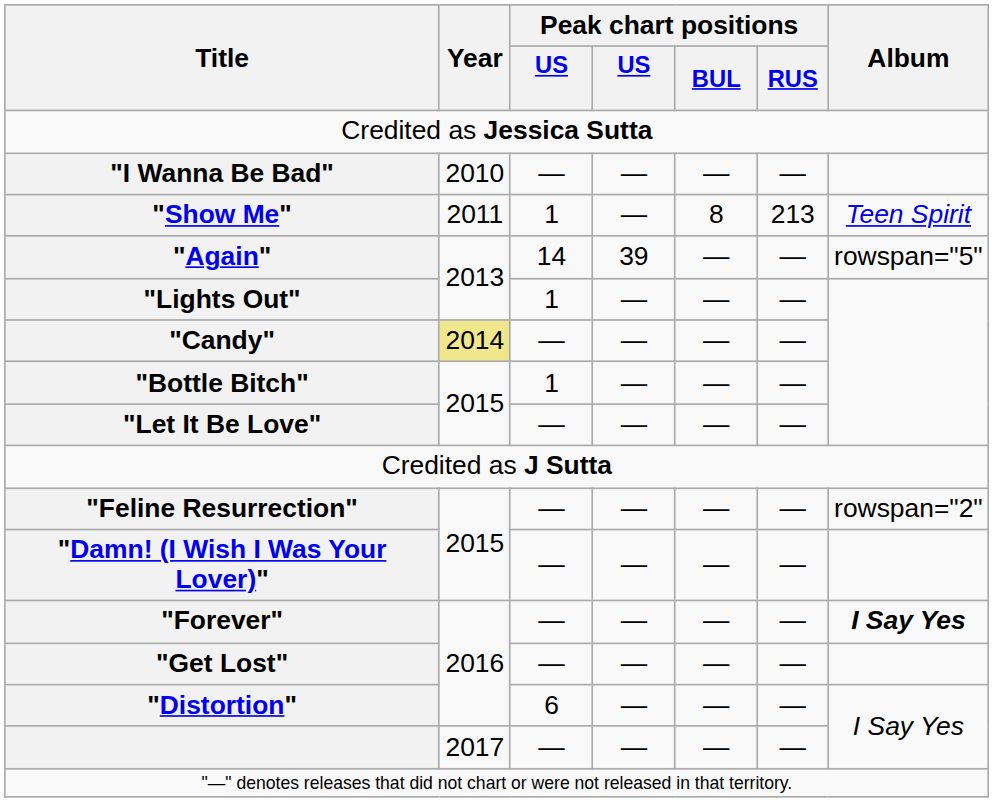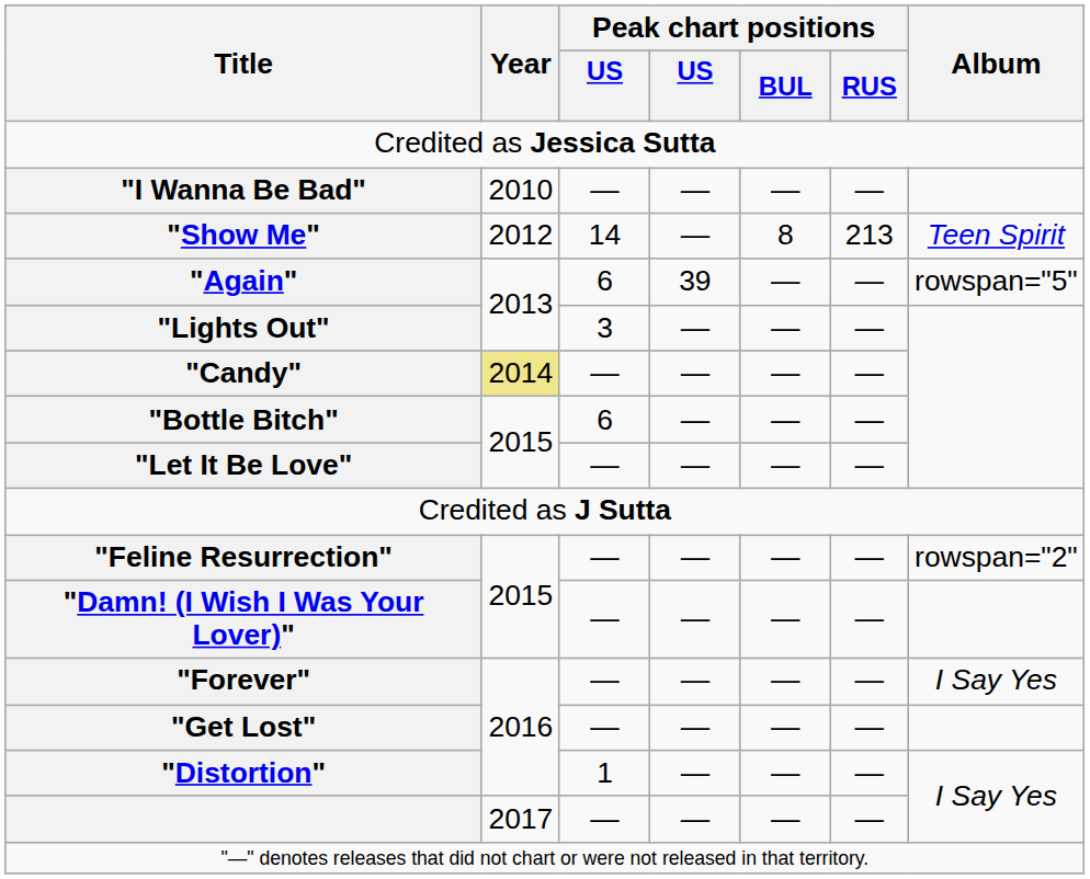 <table class="wikitable plainrowheaders" style="text-align:center;">
 <tr>
 <th scope="col" rowspan="2" style="width:16em;">Title</th>
 <th scope="col" rowspan="2" style="width:2em;">Year</th>
 <th scope="col" colspan="4" style="width:2em;">Peak chart positions</th>
 <th scope="col" rowspan="2" style="width:2em;">Album</th>
 </tr>
 <tr>
 <th scope="col" style="width:3em;font-size:90%;"><a href='#'>US<br></a><br></th>
 <th scope="col" style="width:3em;font-size:90%;"><a href='#'>US<br></a><br></th>
 <th scope="col" style="width:3em;font-size:90%;"><a href='#'>BUL</a><br></th>
 <th scope="col" style="width:2.5em;font-size:90%;"><a href='#'>RUS</a><br></th>
 </tr>
 <tr>
 <td colspan=7>Credited as <strong>Jessica Sutta</strong></td>
 </tr>
 <tr>
 <th scope="row">"I Wanna Be Bad"</th>
 <td>2010</td>
 <td>—</td>
 <td>—</td>
 <td>—</td>
 <td>—</td>
 <td></td>
 </tr>
 <tr>
 <th scope="row">"<a href='#'>Show Me</a>"</th>
-<td rowspan="row">2011</td>
-<td>1</td>
+<td rowspan="row">2012</td>
+<td>14</td>
 <td>—</td>
 <td>8</td>
 <td>213</td>
 <td><em><a href='#'>Teen Spirit</a></em></td>
 </tr>
 <tr>
 <th scope="row">"<a href='#'>Again</a>"<br></th>
 <td rowspan="2">2013</td>
-<td>14</td>
+<td>6</td>
 <td>39</td>
 <td>—</td>
 <td>—</td>
 <td>rowspan="5" </td>
 </tr>
 <tr>
 <th scope="row">"Lights Out"</th>
-<td>1</td>
+<td>3</td>
 <td>—</td>
 <td>—</td>
 <td>—</td>
 </tr>
 <tr>
 <th scope="row">"Candy"</th>
 <td style="background: khaki;">2014</td>
 <td>—</td>
 <td>—</td>
 <td>—</td>
 <td>—</td>
 </tr>
 <tr>
 <th scope="row">"Bottle Bitch"</th>
 <td rowspan="2">2015</td>
-<td>1</td>
+<td>6</td>
 <td>—</td>
 <td>—</td>
 <td>—</td>
 </tr>
 <tr>
 <th scope="row">"Let It Be Love"<br></th>
 <td>—</td>
 <td>—</td>
 <td>—</td>
 <td>—</td>
 </tr>
 <tr>
 <td colspan=14>Credited as <strong>J Sutta</strong></td>
 </tr>
 <tr>
 <th scope="row">"Feline Resurrection"</th>
 <td rowspan="2">2015</td>
 <td>—</td>
 <td>—</td>
 <td>—</td>
 <td>—</td>
 <td>rowspan="2" </td>
 </tr>
 <tr>
 <th scope="row">"<a href='#'>Damn! (I Wish I Was Your Lover)</a>"</th>
 <td>—</td>
 <td>—</td>
 <td>—</td>
 <td>—</td>
 </tr>
 <tr>
 <th scope="row">"Forever"</th>
 <td rowspan="3">2016</td>
 <td>—</td>
 <td>—</td>
 <td>—</td>
 <td>—</td>
-<td><strong><em>I Say Yes</em></strong></td>
+<td><em>I Say Yes</em></td>
 </tr>
 <tr>
 <th scope="row">"Get Lost"</th>
 <td>—</td>
 <td>—</td>
 <td>—</td>
 <td>—</td>
 <td></td>
 </tr>
 <tr>
 <th scope="row">"<a href='#'>Distortion</a>"</th>
-<td>6</td>
+<td>1</td>
 <td>—</td>
 <td>—</td>
 <td>—</td>
 <td rowspan="2"><em>I Say Yes</em></td>
 </tr>
 <tr>
 <th scope="row"></th>
 <td>2017</td>
 <td>—</td>
 <td>—</td>
 <td>—</td>
 <td>—</td>
 </tr>
 <tr>
 <td colspan="16" style="text-align:center; font-size:8pt;">"—" denotes releases that did not chart or were not released in that territory.</td>
 </tr>
 </table>
